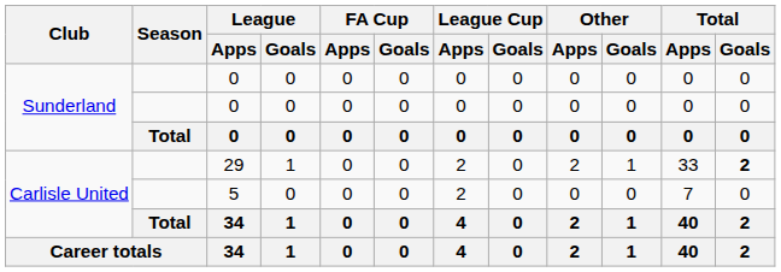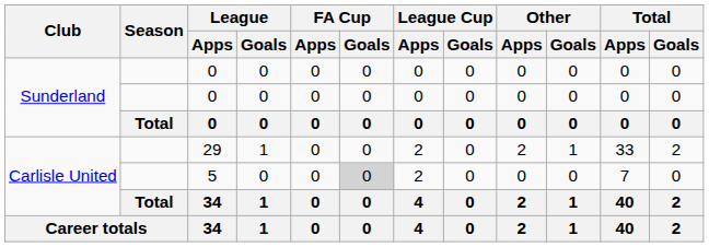 <table class="wikitable" style="text-align: center;">
 <tr>
 <th rowspan="2">Club</th>
 <th rowspan="2">Season</th>
 <th colspan="2">League</th>
 <th colspan="2">FA Cup</th>
 <th colspan="2">League Cup</th>
 <th colspan="2">Other</th>
 <th colspan="2">Total</th>
 </tr>
 <tr>
 <th>Apps</th>
 <th>Goals</th>
 <th>Apps</th>
 <th>Goals</th>
 <th>Apps</th>
 <th>Goals</th>
 <th>Apps</th>
 <th>Goals</th>
 <th>Apps</th>
 <th>Goals</th>
 </tr>
 <tr>
 <td rowspan="3" valign="center"><a href='#'>Sunderland</a></td>
 <td></td>
 <td>0</td>
 <td>0</td>
 <td>0</td>
 <td>0</td>
 <td>0</td>
 <td>0</td>
 <td>0</td>
 <td>0</td>
 <td>0</td>
 <td>0</td>
 </tr>
 <tr>
 <td></td>
 <td>0</td>
 <td>0</td>
 <td>0</td>
 <td>0</td>
 <td>0</td>
 <td>0</td>
 <td>0</td>
 <td>0</td>
 <td>0</td>
 <td>0</td>
 </tr>
 <tr>
 <th>Total</th>
 <th>0</th>
 <th>0</th>
 <th>0</th>
 <th>0</th>
 <th>0</th>
 <th>0</th>
 <th>0</th>
 <th>0</th>
 <th>0</th>
 <th>0</th>
 </tr>
 <tr>
 <td rowspan="3" valign="center"><a href='#'>Carlisle United</a></td>
 <td></td>
 <td>29</td>
 <td>1</td>
 <td>0</td>
 <td>0</td>
 <td>2</td>
 <td>0</td>
 <td>2</td>
 <td>1</td>
 <td>33</td>
-<td><strong>2</strong></td>
+<td>2</td>
 </tr>
 <tr>
 <td></td>
 <td>5</td>
 <td>0</td>
 <td>0</td>
-<td>0</td>
+<td style="background: lightgrey;">0</td>
 <td>2</td>
 <td>0</td>
 <td>0</td>
 <td>0</td>
 <td>7</td>
 <td>0</td>
 </tr>
 <tr>
 <th>Total</th>
 <th>34</th>
 <th>1</th>
 <th>0</th>
 <th>0</th>
 <th>4</th>
 <th>0</th>
 <th>2</th>
 <th>1</th>
 <th>40</th>
 <th>2</th>
 </tr>
 <tr>
 <th colspan="2">Career totals</th>
 <th>34</th>
 <th>1</th>
 <th>0</th>
 <th>0</th>
 <th>4</th>
 <th>0</th>
 <th>2</th>
 <th>1</th>
 <th>40</th>
 <th>2</th>
 </tr>
 </table>
